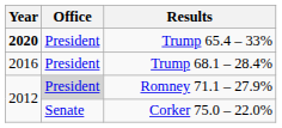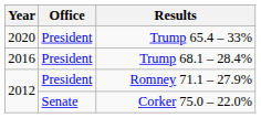 <table class=wikitable>
 <tr>
 <th width="30">Year</th>
 <th width="60">Office</th>
 <th width="180">Results</th>
 </tr>
 <tr>
-<td><strong>2020</strong></td>
+<td>2020</td>
 <td><a href='#'>President</a></td>
 <td align="right" ><a href='#'>Trump</a> 65.4 – 33%</td>
 </tr>
 <tr>
 <td>2016</td>
 <td><a href='#'>President</a></td>
 <td align="right" ><a href='#'>Trump</a> 68.1 – 28.4%</td>
 </tr>
 <tr>
 <td rowspan="2">2012</td>
-<td style="background: lightgrey;"><a href='#'>President</a></td>
+<td><a href='#'>President</a></td>
 <td align="right" ><a href='#'>Romney</a> 71.1 – 27.9%</td>
 </tr>
 <tr>
 <td><a href='#'>Senate</a></td>
 <td align="right" ><a href='#'>Corker</a> 75.0 – 22.0%</td>
 </tr>
 </table>
